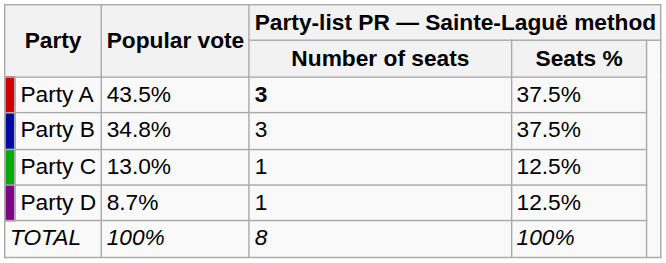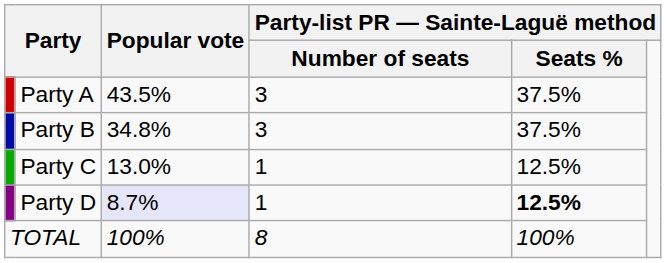 <table class="wikitable">
 <tr>
 <th colspan="2" rowspan="2">Party</th>
 <th rowspan="2">Popular vote</th>
 <th colspan="3">Party-list PR — Sainte-Laguë method</th>
 </tr>
 <tr>
 <th>Number of seats</th>
 <th>Seats %</th>
 <td rowspan="6"></td>
 </tr>
 <tr>
 <td style="background:#D10000"></td>
 <td>Party A</td>
 <td>43.5%</td>
-<td><strong>3</strong></td>
+<td>3</td>
 <td>37.5%</td>
 </tr>
 <tr>
 <td style="background:#0008A5"></td>
 <td>Party B</td>
 <td>34.8%</td>
 <td>3</td>
 <td>37.5%</td>
 </tr>
 <tr>
 <td style="background:#03AA00"></td>
 <td>Party C</td>
 <td>13.0%</td>
 <td>1</td>
 <td>12.5%</td>
 </tr>
 <tr>
 <td style="background:#820084"></td>
 <td>Party D</td>
-<td>8.7%</td>
+<td style="background: lavender;">8.7%</td>
 <td>1</td>
-<td>12.5%</td>
+<td><strong>12.5%</strong></td>
 </tr>
 <tr>
 <td colspan="2"><em>TOTAL</em></td>
 <td><em>100%</em></td>
 <td><em>8</em></td>
 <td><em>100%</em></td>
 </tr>
 </table>
